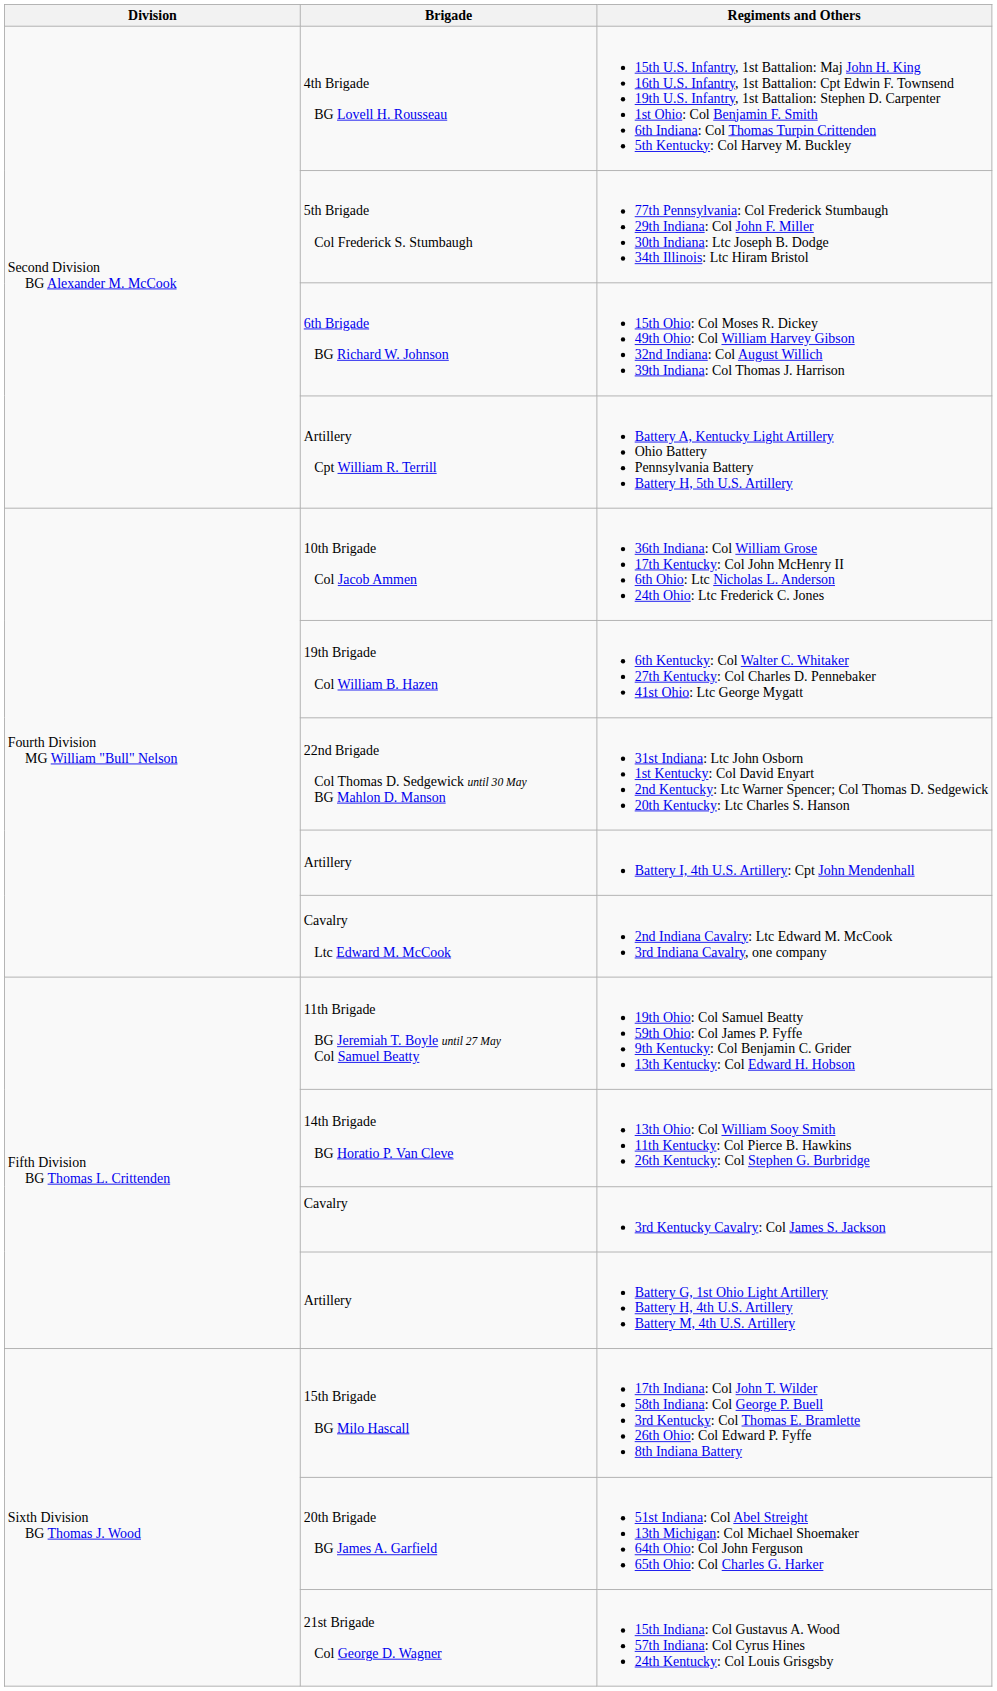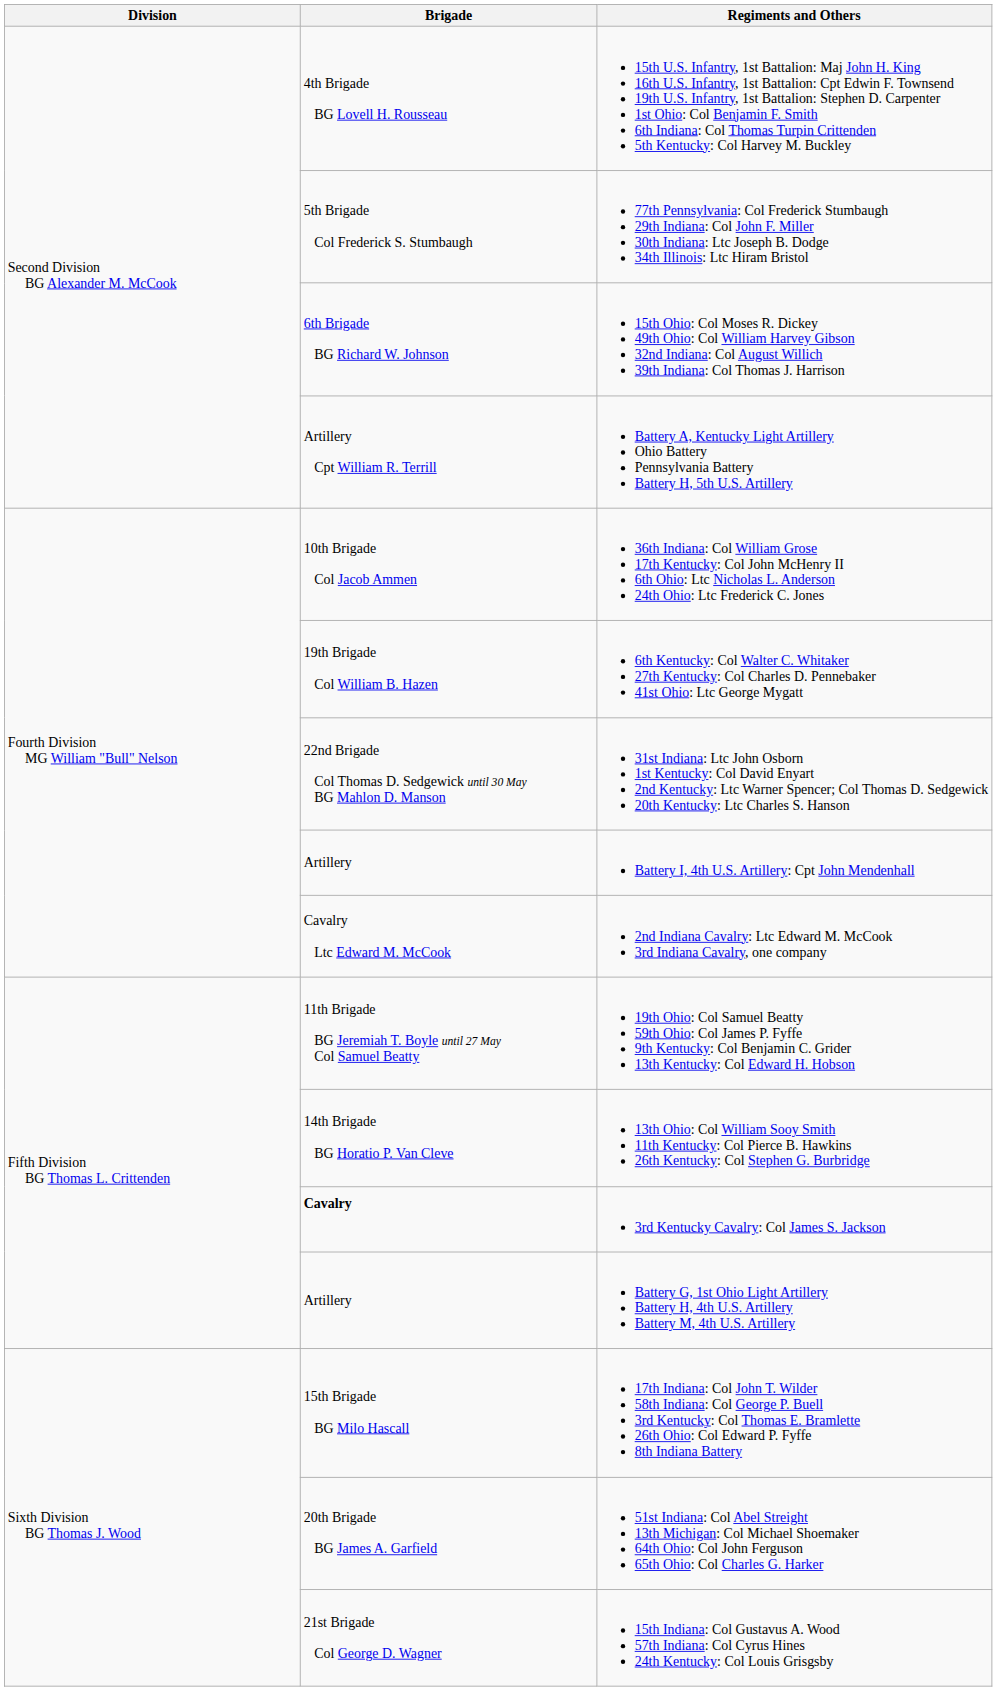 <table class="wikitable">
 <tr>
 <th width=30%>Division</th>
 <th width=30%>Brigade</th>
 <th>Regiments and Others</th>
 </tr>
 <tr>
 <td rowspan=4><br>Second Division <br>     BG <a href='#'>Alexander M. McCook</a></td>
 <td>4th Brigade<br><br>   BG <a href='#'>Lovell H. Rousseau</a></td>
 <td><br><ul><li><a href='#'>15th U.S. Infantry</a>, 1st Battalion: Maj <a href='#'>John H. King</a></li><li><a href='#'>16th U.S. Infantry</a>, 1st Battalion: Cpt Edwin F. Townsend</li><li><a href='#'>19th U.S. Infantry</a>, 1st Battalion: Stephen D. Carpenter</li><li><a href='#'>1st Ohio</a>: Col <a href='#'>Benjamin F. Smith</a></li><li><a href='#'>6th Indiana</a>: Col <a href='#'>Thomas Turpin Crittenden</a></li><li><a href='#'>5th Kentucky</a>: Col Harvey M. Buckley</li></ul></td>
 </tr>
 <tr>
 <td>5th Brigade<br><br>   Col Frederick S. Stumbaugh</td>
 <td><br><ul><li><a href='#'>77th Pennsylvania</a>: Col Frederick Stumbaugh</li><li><a href='#'>29th Indiana</a>: Col <a href='#'>John F. Miller</a></li><li><a href='#'>30th Indiana</a>: Ltc Joseph B. Dodge</li><li><a href='#'>34th Illinois</a>: Ltc Hiram Bristol</li></ul></td>
 </tr>
 <tr>
 <td><a href='#'>6th Brigade</a><br><br>   BG <a href='#'>Richard W. Johnson</a></td>
 <td><br><ul><li><a href='#'>15th Ohio</a>: Col Moses R. Dickey</li><li><a href='#'>49th Ohio</a>: Col <a href='#'>William Harvey Gibson</a></li><li><a href='#'>32nd Indiana</a>: Col <a href='#'>August Willich</a></li><li><a href='#'>39th Indiana</a>: Col Thomas J. Harrison</li></ul></td>
 </tr>
 <tr>
 <td>Artillery<br><br>   Cpt <a href='#'>William R. Terrill</a></td>
 <td><br><ul><li><a href='#'>Battery A, Kentucky Light Artillery</a></li><li>Ohio Battery</li><li>Pennsylvania Battery</li><li><a href='#'>Battery H, 5th U.S. Artillery</a></li></ul></td>
 </tr>
 <tr>
 <td rowspan= 5><br>Fourth Division <br>     MG <a href='#'>William "Bull" Nelson</a></td>
 <td>10th Brigade<br><br>   Col <a href='#'>Jacob Ammen</a></td>
 <td><br><ul><li><a href='#'>36th Indiana</a>: Col <a href='#'>William Grose</a></li><li><a href='#'>17th Kentucky</a>: Col John McHenry II</li><li><a href='#'>6th Ohio</a>: Ltc <a href='#'>Nicholas L. Anderson</a></li><li><a href='#'>24th Ohio</a>: Ltc Frederick C. Jones</li></ul></td>
 </tr>
 <tr>
 <td>19th Brigade<br><br>   Col <a href='#'>William B. Hazen</a></td>
 <td><br><ul><li><a href='#'>6th Kentucky</a>: Col <a href='#'>Walter C. Whitaker</a></li><li><a href='#'>27th Kentucky</a>: Col Charles D. Pennebaker</li><li><a href='#'>41st Ohio</a>: Ltc George Mygatt</li></ul></td>
 </tr>
 <tr>
 <td>22nd Brigade<br><br>   Col Thomas D. Sedgewick <small><em>until 30 May</em></small><br>   BG <a href='#'>Mahlon D. Manson</a></td>
 <td><br><ul><li><a href='#'>31st Indiana</a>: Ltc John Osborn</li><li><a href='#'>1st Kentucky</a>: Col David Enyart</li><li><a href='#'>2nd Kentucky</a>: Ltc Warner Spencer; Col Thomas D. Sedgewick</li><li><a href='#'>20th Kentucky</a>: Ltc Charles S. Hanson</li></ul></td>
 </tr>
 <tr>
 <td>Artillery</td>
 <td><br><ul><li><a href='#'>Battery I, 4th U.S. Artillery</a>: Cpt <a href='#'>John Mendenhall</a></li></ul></td>
 </tr>
 <tr>
 <td>Cavalry<br><br>   Ltc <a href='#'>Edward M. McCook</a></td>
 <td><br><ul><li><a href='#'>2nd Indiana Cavalry</a>: Ltc Edward M. McCook</li><li><a href='#'>3rd Indiana Cavalry</a>, one company</li></ul></td>
 </tr>
 <tr>
 <td rowspan= 4><br>Fifth Division <br>     BG <a href='#'>Thomas L. Crittenden</a></td>
 <td>11th Brigade<br><br>   BG <a href='#'>Jeremiah T. Boyle</a> <small><em>until 27 May</em></small><br>   Col <a href='#'>Samuel Beatty</a></td>
 <td><br><ul><li><a href='#'>19th Ohio</a>: Col Samuel Beatty</li><li><a href='#'>59th Ohio</a>: Col James P. Fyffe</li><li><a href='#'>9th Kentucky</a>: Col Benjamin C. Grider</li><li><a href='#'>13th Kentucky</a>: Col <a href='#'>Edward H. Hobson</a></li></ul></td>
 </tr>
 <tr>
 <td>14th Brigade<br><br>   BG <a href='#'>Horatio P. Van Cleve</a></td>
 <td><br><ul><li><a href='#'>13th Ohio</a>: Col <a href='#'>William Sooy Smith</a></li><li><a href='#'>11th Kentucky</a>: Col Pierce B. Hawkins</li><li><a href='#'>26th Kentucky</a>: Col <a href='#'>Stephen G. Burbridge</a></li></ul></td>
 </tr>
 <tr>
-<td>Cavalry<br><br>  </td>
+<td><strong>Cavalry<br><br>  </strong></td>
 <td><br><ul><li><a href='#'>3rd Kentucky Cavalry</a>: Col <a href='#'>James S. Jackson</a></li></ul></td>
 </tr>
 <tr>
 <td>Artillery</td>
 <td><br><ul><li><a href='#'>Battery G, 1st Ohio Light Artillery</a></li><li><a href='#'>Battery H, 4th U.S. Artillery</a></li><li><a href='#'>Battery M, 4th U.S. Artillery</a></li></ul></td>
 </tr>
 <tr>
 <td rowspan= 3><br>Sixth Division <br>     BG <a href='#'>Thomas J. Wood</a></td>
 <td>15th Brigade<br><br>   BG <a href='#'>Milo Hascall</a></td>
 <td><br><ul><li><a href='#'>17th Indiana</a>: Col <a href='#'>John T. Wilder</a></li><li><a href='#'>58th Indiana</a>: Col <a href='#'>George P. Buell</a></li><li><a href='#'>3rd Kentucky</a>: Col <a href='#'>Thomas E. Bramlette</a></li><li><a href='#'>26th Ohio</a>: Col Edward P. Fyffe</li><li><a href='#'>8th Indiana Battery</a></li></ul></td>
 </tr>
 <tr>
 <td>20th Brigade<br><br>   BG <a href='#'>James A. Garfield</a></td>
 <td><br><ul><li><a href='#'>51st Indiana</a>: Col <a href='#'>Abel Streight</a></li><li><a href='#'>13th Michigan</a>: Col Michael Shoemaker</li><li><a href='#'>64th Ohio</a>: Col John Ferguson</li><li><a href='#'>65th Ohio</a>: Col <a href='#'>Charles G. Harker</a></li></ul></td>
 </tr>
 <tr>
 <td>21st Brigade<br><br>   Col <a href='#'>George D. Wagner</a></td>
 <td><br><ul><li><a href='#'>15th Indiana</a>: Col Gustavus A. Wood</li><li><a href='#'>57th Indiana</a>: Col Cyrus Hines</li><li><a href='#'>24th Kentucky</a>: Col Louis Grisgsby</li></ul></td>
 </tr>
 </table>
